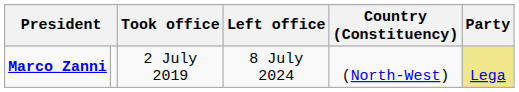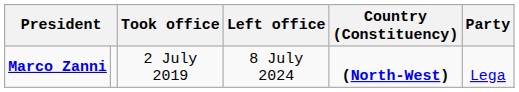 <table class="wikitable" style="text-align:center">
 <tr>
 <th colspan=2>President</th>
 <th>Took office</th>
 <th>Left office</th>
 <th>Country<br>(Constituency)</th>
 <th>Party</th>
 </tr>
 <tr>
 <td><strong><a href='#'>Marco Zanni</a></strong></td>
 <td></td>
 <td>2 July<br>2019</td>
 <td>8 July<br>2024</td>
-<td><br>(<a href='#'>North-West</a>)</td>
-<td style="background: khaki;"><br><a href='#'>Lega</a></td>
+<td><strong><br>(<a href='#'>North-West</a>)</strong></td>
+<td><br><a href='#'>Lega</a></td>
 </tr>
 </table>
